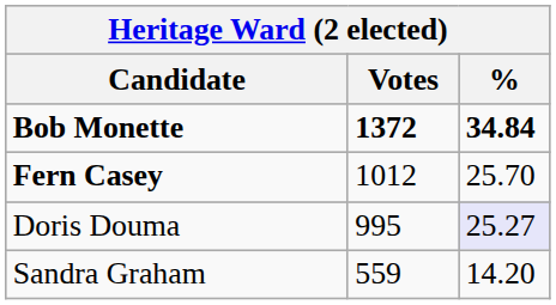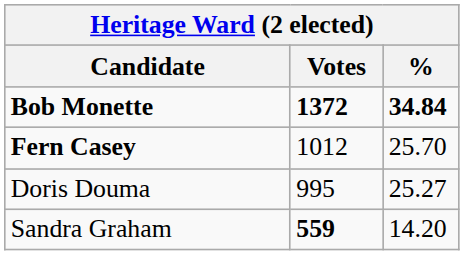 <table class="wikitable">
 <tr>
 <th colspan="3"><a href='#'>Heritage Ward</a> (2 elected)</th>
 </tr>
 <tr>
 <th style="width: 170px">Candidate</th>
 <th style="width: 50px">Votes</th>
 <th style="width: 40px">%</th>
 </tr>
 <tr>
 <td><strong>Bob Monette</strong></td>
 <td><strong>1372</strong></td>
 <td><strong>34.84</strong></td>
 </tr>
 <tr>
 <td><strong>Fern Casey</strong></td>
 <td>1012</td>
 <td>25.70</td>
 </tr>
 <tr>
 <td>Doris Douma</td>
 <td>995</td>
-<td style="background: lavender;">25.27</td>
+<td>25.27</td>
 </tr>
 <tr>
 <td>Sandra Graham</td>
-<td>559</td>
+<td><strong>559</strong></td>
 <td>14.20</td>
 </tr>
 </table>
